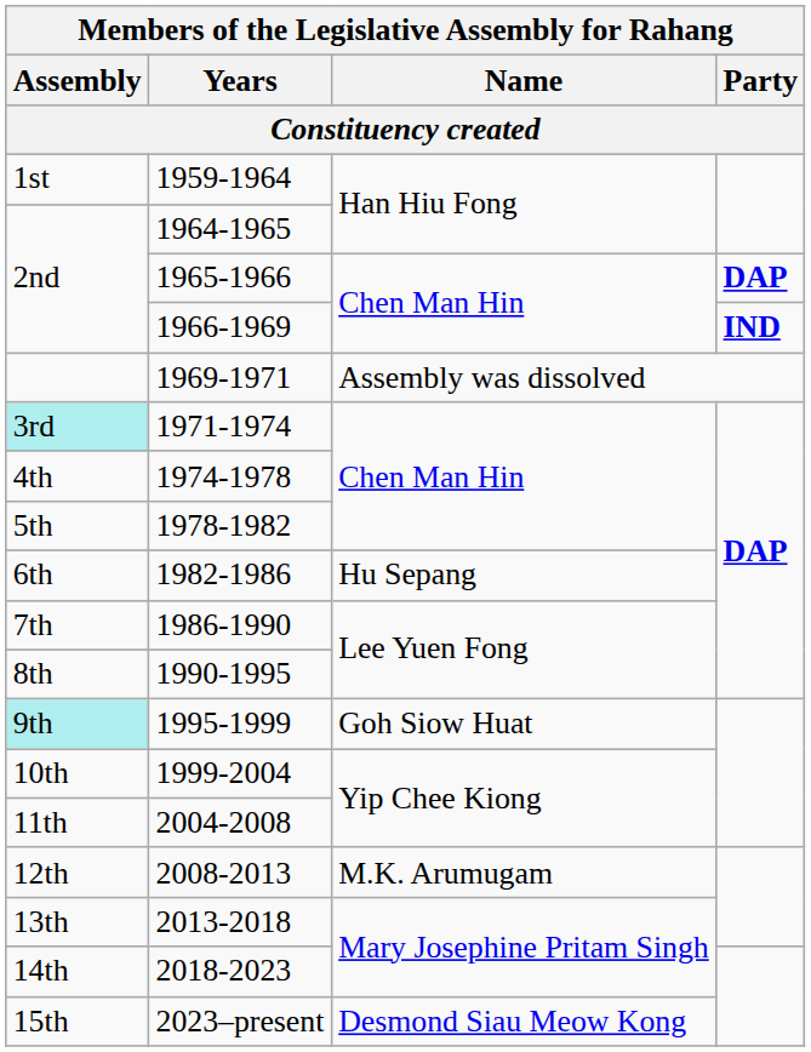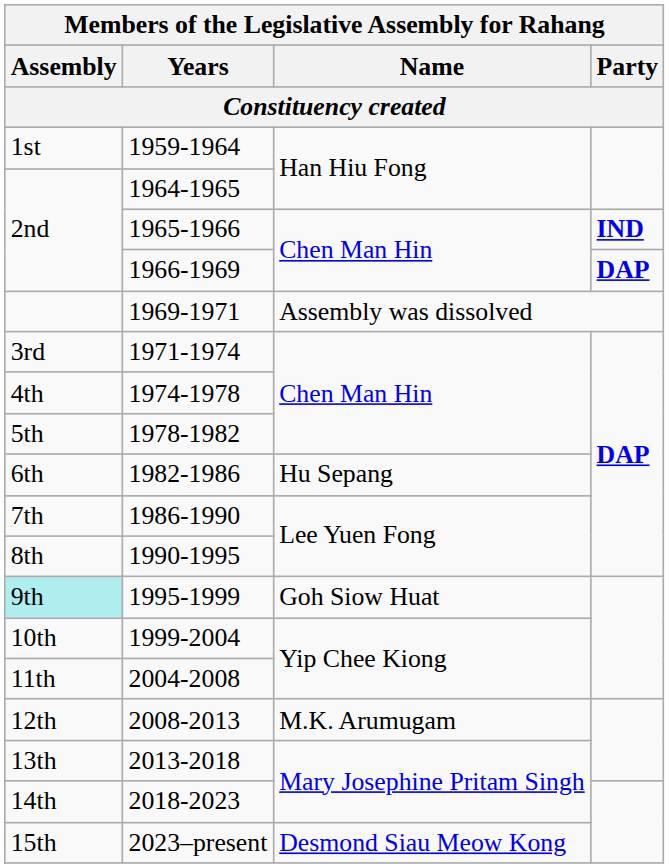 <table class="wikitable">
 <tr>
 <th colspan="4">Members of the Legislative Assembly for Rahang</th>
 </tr>
 <tr>
 <th>Assembly</th>
 <th>Years</th>
 <th>Name</th>
 <th>Party</th>
 </tr>
 <tr>
 <th colspan="4"><em>Constituency created</em></th>
 </tr>
 <tr>
 <td>1st</td>
 <td>1959-1964</td>
 <td rowspan="2">Han Hiu Fong</td>
 <td rowspan="2"></td>
 </tr>
 <tr>
 <td rowspan="3">2nd</td>
 <td>1964-1965</td>
 </tr>
 <tr>
 <td>1965-1966</td>
 <td rowspan="2"><a href='#'>Chen Man Hin</a></td>
-<td><strong><a href='#'>DAP</a></strong></td>
+<td bgcolor=><strong><a href='#'>IND</a></strong></td>
 </tr>
 <tr>
 <td>1966-1969</td>
-<td bgcolor=><strong><a href='#'>IND</a></strong></td>
+<td><strong><a href='#'>DAP</a></strong></td>
 </tr>
 <tr>
 <td></td>
 <td>1969-1971</td>
 <td colspan="2">Assembly was dissolved</td>
 </tr>
 <tr>
-<td style="background: paleturquoise;">3rd</td>
+<td>3rd</td>
 <td>1971-1974</td>
 <td rowspan="3"><a href='#'>Chen Man Hin</a></td>
 <td rowspan="6"><strong><a href='#'>DAP</a></strong></td>
 </tr>
 <tr>
 <td>4th</td>
 <td>1974-1978</td>
 </tr>
 <tr>
 <td>5th</td>
 <td>1978-1982</td>
 </tr>
 <tr>
 <td>6th</td>
 <td>1982-1986</td>
 <td>Hu Sepang</td>
 </tr>
 <tr>
 <td>7th</td>
 <td>1986-1990</td>
 <td rowspan="2">Lee Yuen Fong</td>
 </tr>
 <tr>
 <td>8th</td>
 <td>1990-1995</td>
 </tr>
 <tr>
 <td style="background: paleturquoise;">9th</td>
 <td>1995-1999</td>
 <td>Goh Siow Huat</td>
 <td rowspan="3"></td>
 </tr>
 <tr>
 <td>10th</td>
 <td>1999-2004</td>
 <td rowspan="2">Yip Chee Kiong</td>
 </tr>
 <tr>
 <td>11th</td>
 <td>2004-2008</td>
 </tr>
 <tr>
 <td>12th</td>
 <td>2008-2013</td>
 <td>M.K. Arumugam</td>
 <td rowspan="2"></td>
 </tr>
 <tr>
 <td>13th</td>
 <td>2013-2018</td>
 <td rowspan="2"><a href='#'>Mary Josephine Pritam Singh</a></td>
 </tr>
 <tr>
 <td>14th</td>
 <td>2018-2023</td>
 <td rowspan=2></td>
 </tr>
 <tr>
 <td>15th</td>
 <td>2023–present</td>
 <td><a href='#'>Desmond Siau Meow Kong</a></td>
 </tr>
 </table>
